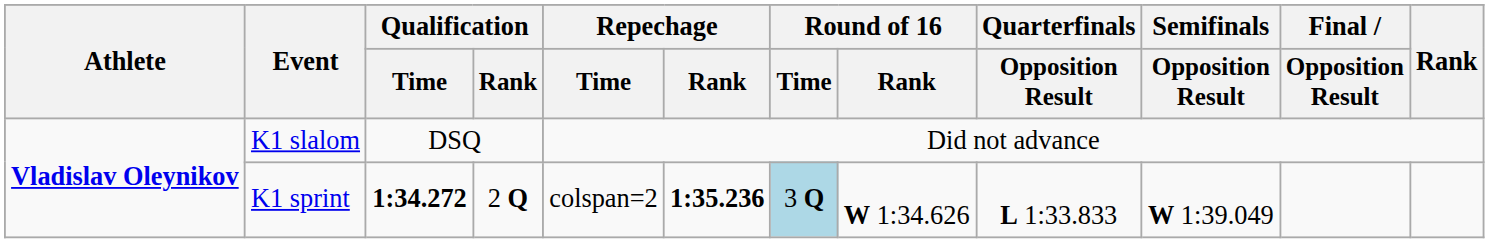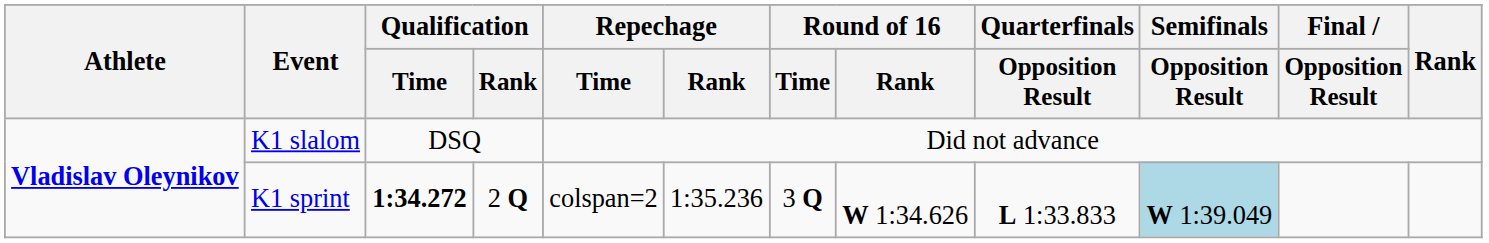 <table class="wikitable" style="font-size:90%;">
 <tr>
 <th rowspan=2>Athlete</th>
 <th rowspan=2>Event</th>
 <th colspan=2>Qualification</th>
 <th colspan=2>Repechage</th>
 <th colspan=2>Round of 16</th>
 <th>Quarterfinals</th>
 <th>Semifinals</th>
 <th>Final / </th>
 <th rowspan=2>Rank</th>
 </tr>
 <tr style="font-size:95%">
 <th>Time</th>
 <th>Rank</th>
 <th>Time</th>
 <th>Rank</th>
 <th>Time</th>
 <th>Rank</th>
 <th>Opposition<br>Result</th>
 <th>Opposition<br>Result</th>
 <th>Opposition<br>Result</th>
 </tr>
 <tr align=center>
 <td rowspan=2 align=left><strong><a href='#'>Vladislav Oleynikov</a></strong></td>
 <td align=left><a href='#'>K1 slalom</a></td>
 <td colspan=2>DSQ</td>
 <td colspan=8>Did not advance</td>
 </tr>
 <tr align=center>
 <td align=left><a href='#'>K1 sprint</a></td>
 <td><strong>1:34.272</strong></td>
 <td>2 <strong>Q</strong></td>
 <td>colspan=2 </td>
-<td><strong>1:35.236</strong></td>
-<td style="background: lightblue;">3 <strong>Q</strong></td>
+<td>1:35.236</td>
+<td>3 <strong>Q</strong></td>
 <td><br><strong>W</strong> 1:34.626</td>
 <td><br><strong>L</strong> 1:33.833</td>
-<td><br><strong>W</strong> 1:39.049</td>
+<td style="background: lightblue;"><br><strong>W</strong> 1:39.049</td>
 <td></td>
 </tr>
 </table>
